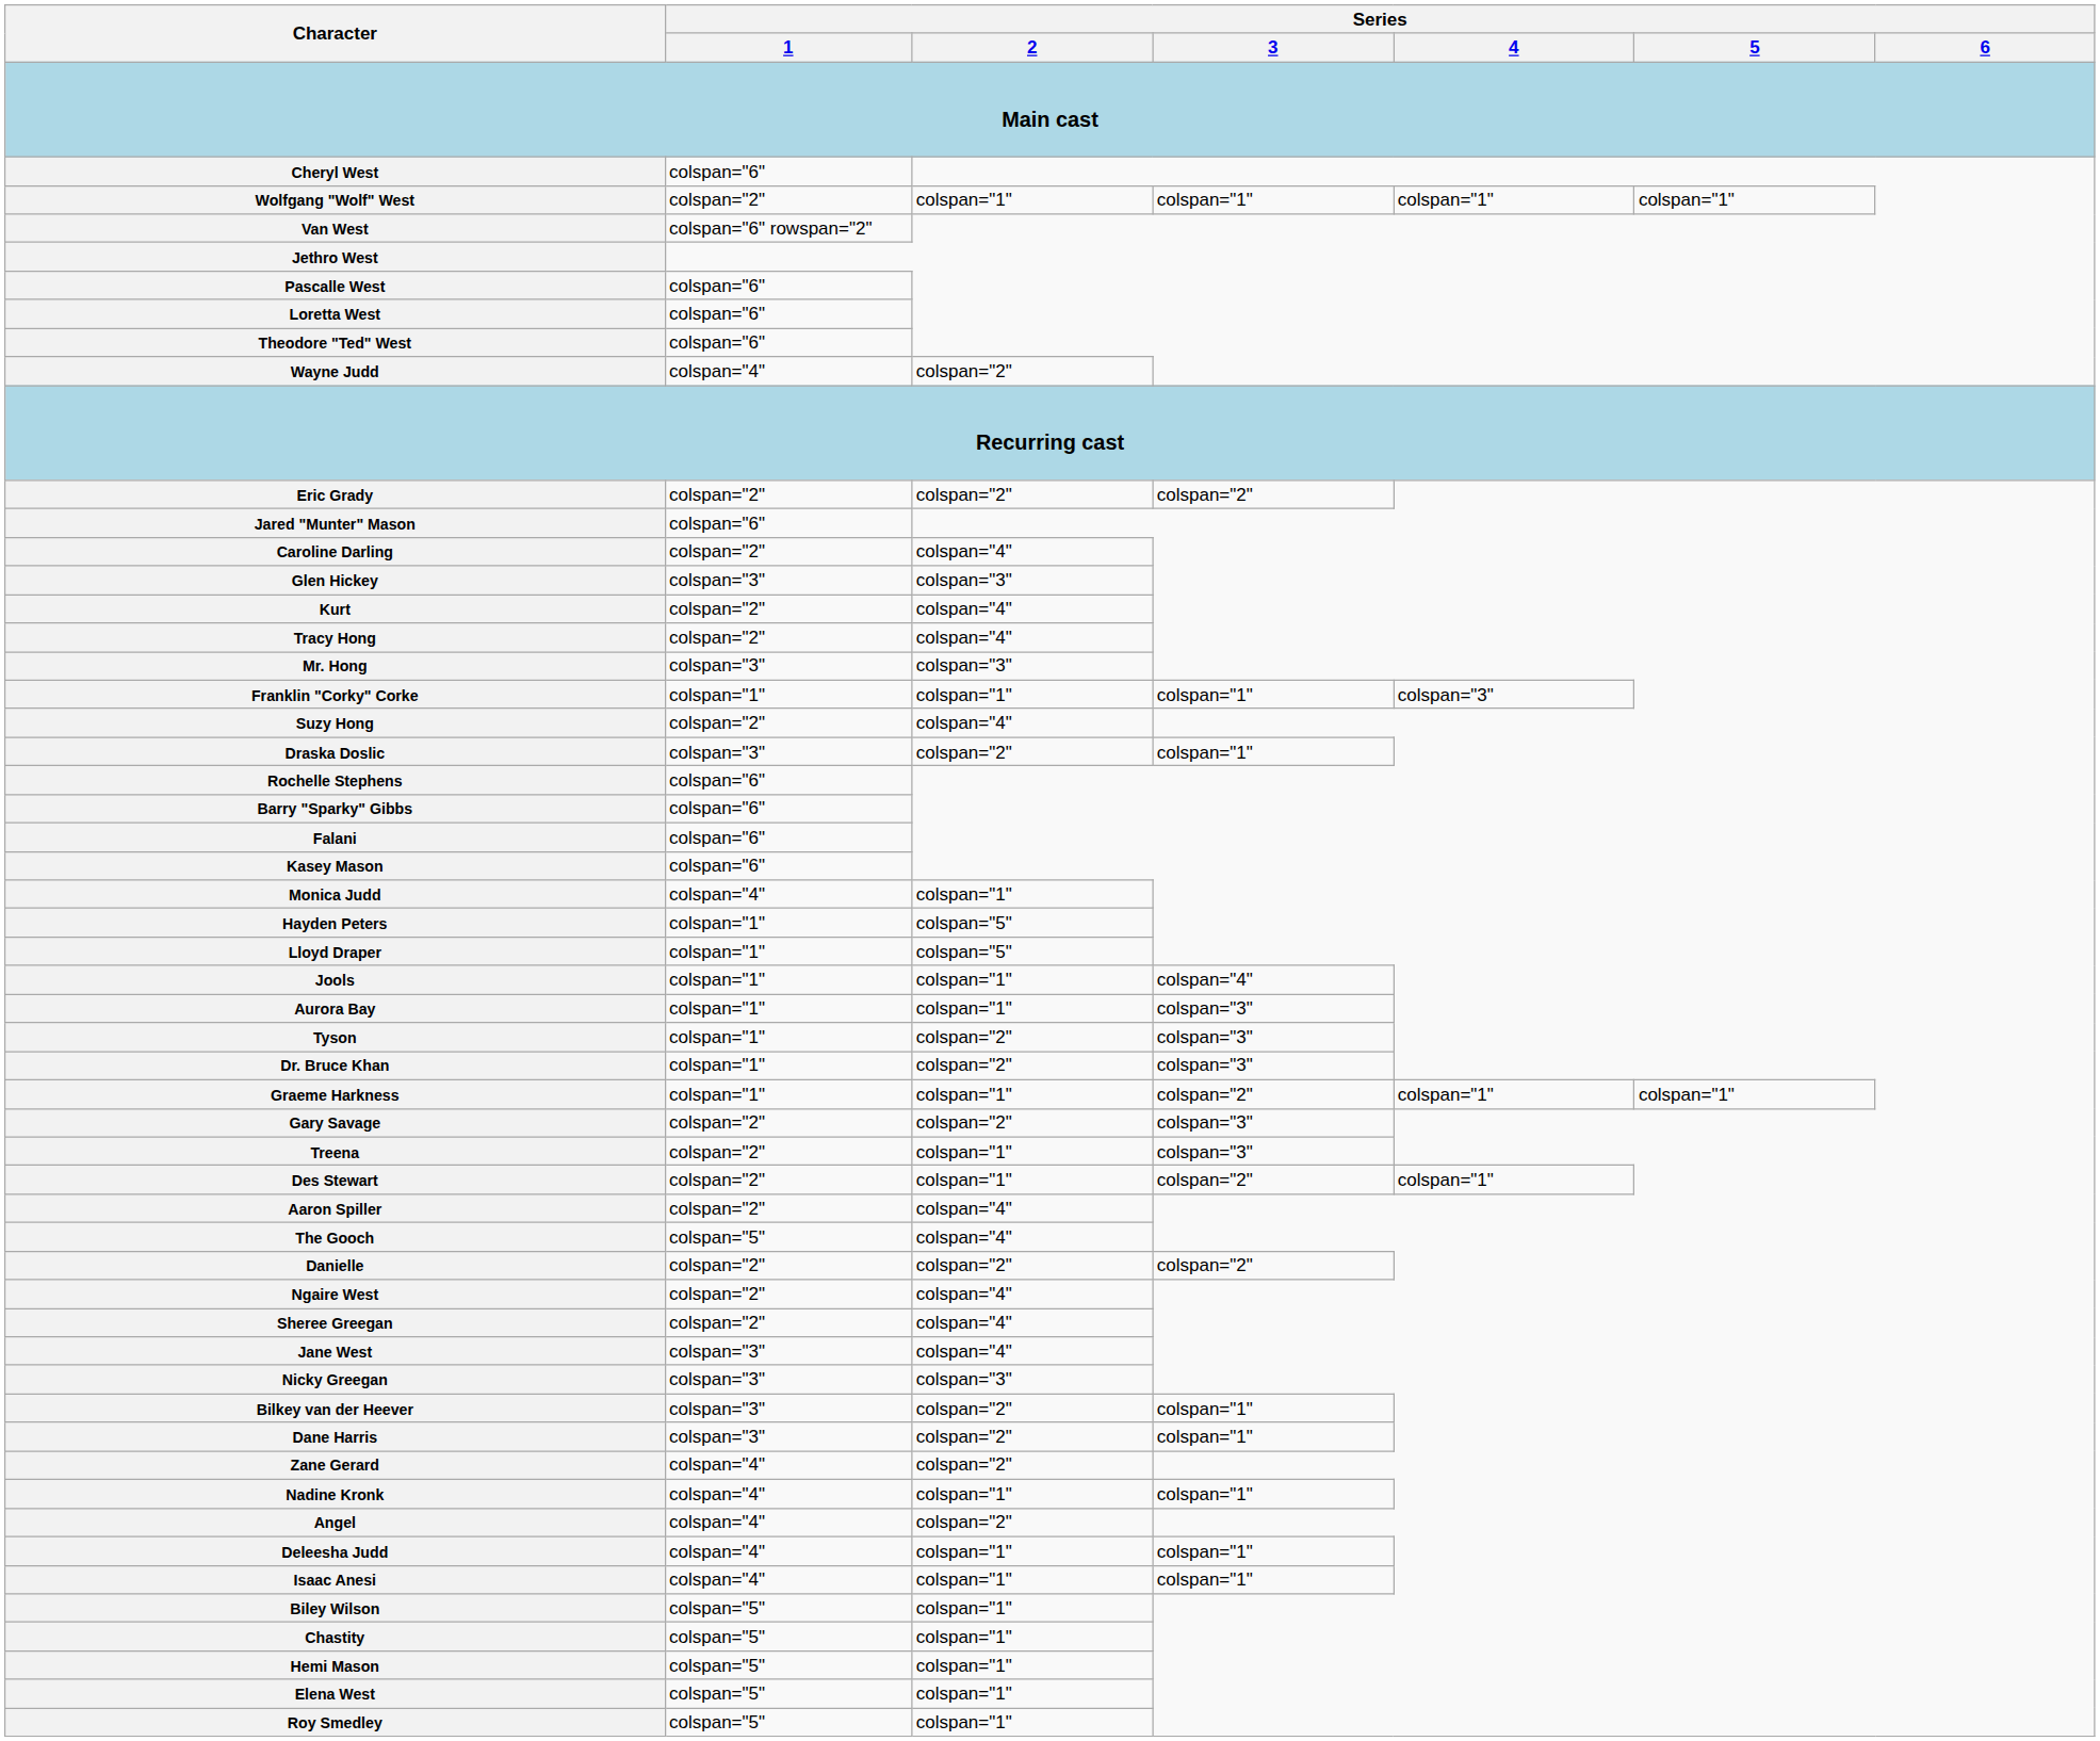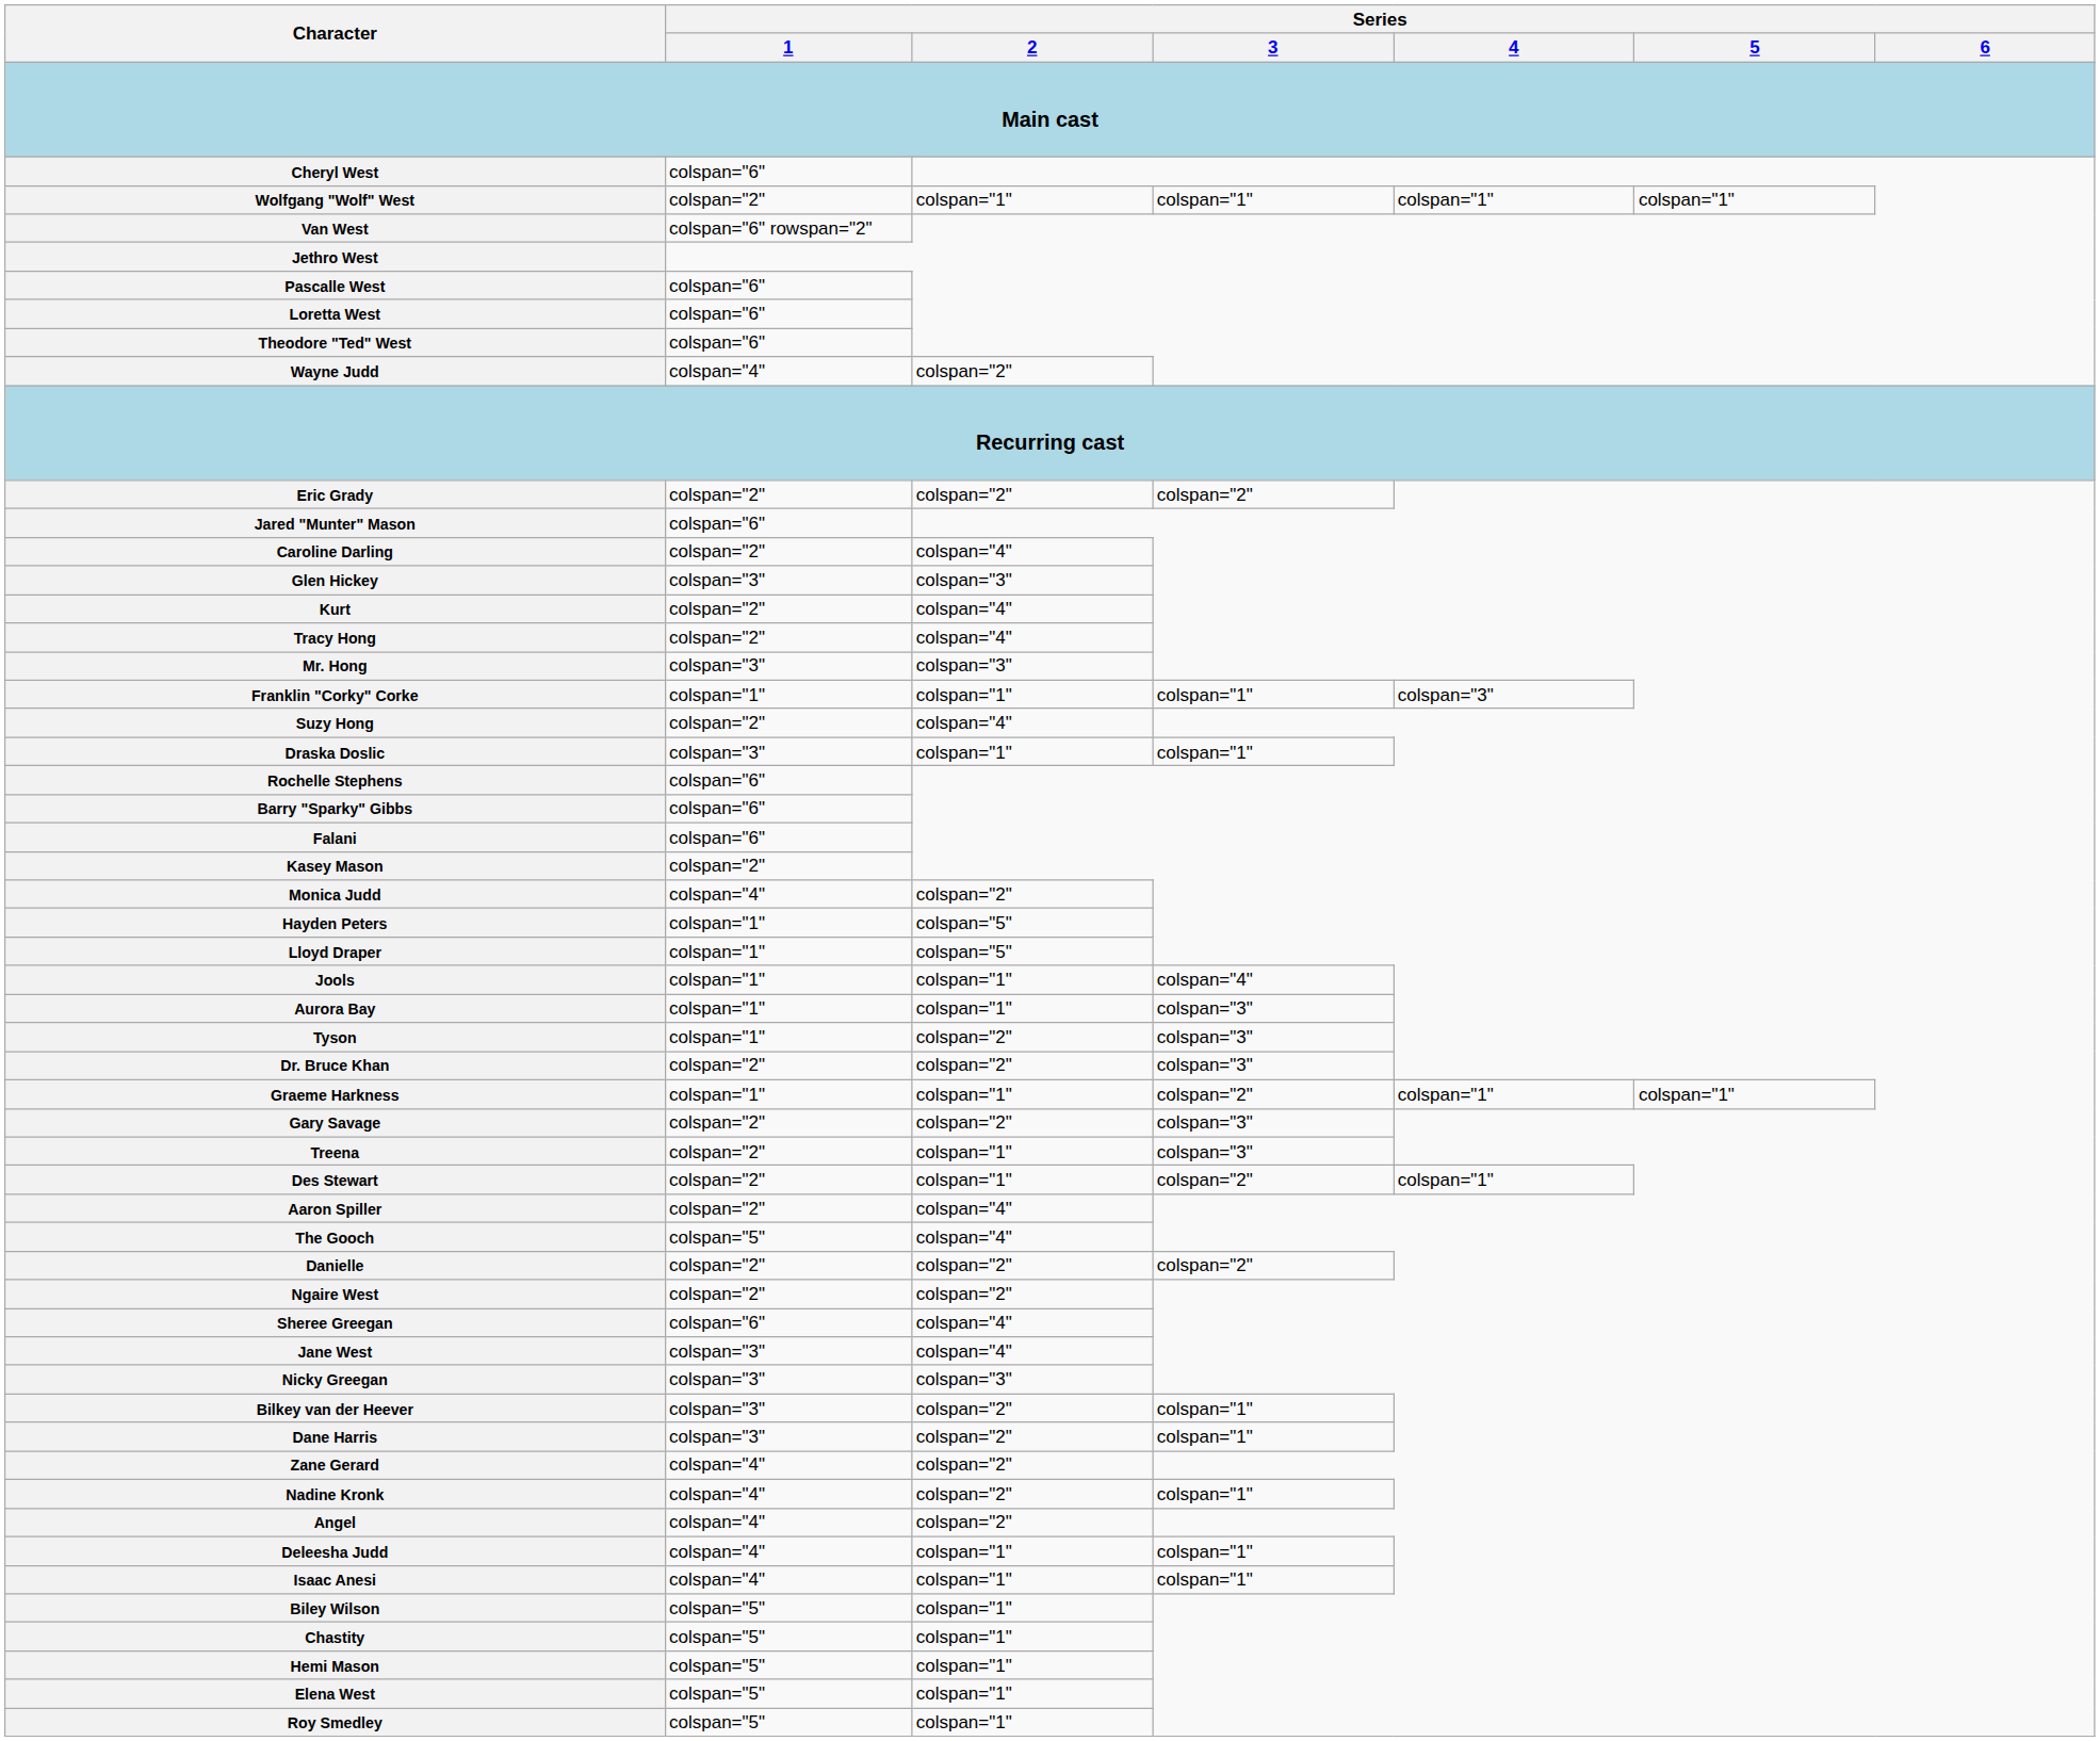 <table class="wikitable" style="font-size: 85%; wisth:100%;">
 <tr>
 <th scope="col" rowspan="2" style="width:12%;">Character</th>
 <th scope="col" colspan="6" style="width:68%;">Series</th>
 </tr>
 <tr>
 <th scope="col" style="width:4%;"><a href='#'>1</a></th>
 <th scope="col" style="width:4%;"><a href='#'>2</a></th>
 <th scope="col" style="width:4%;"><a href='#'>3</a></th>
 <th scope="col" style="width:4%;"><a href='#'>4</a></th>
 <th scope="col" style="width:4%;"><a href='#'>5</a></th>
 <th scope="col" style="width:4%;"><a href='#'>6</a></th>
 </tr>
 <tr>
 <th colspan="7" style="background:lightblue;"><br><h3>Main cast</h3> </th>
 </tr>
 <tr>
 <th nowrap><small>Cheryl West</small></th>
 <td>colspan="6" </td>
 </tr>
 <tr>
 <th nowrap><small>Wolfgang "Wolf" West</small></th>
 <td>colspan="2" </td>
 <td>colspan="1" </td>
 <td>colspan="1" </td>
 <td>colspan="1" </td>
 <td>colspan="1" </td>
 </tr>
 <tr>
 <th nowrap><small>Van West</small></th>
 <td>colspan="6" rowspan="2" </td>
 </tr>
 <tr>
 <th nowrap><small>Jethro West</small></th>
 </tr>
 <tr>
 <th nowrap><small>Pascalle West</small></th>
 <td>colspan="6" </td>
 </tr>
 <tr>
 <th nowrap><small>Loretta West</small></th>
 <td>colspan="6" </td>
 </tr>
 <tr>
 <th nowrap><small>Theodore "Ted" West</small></th>
 <td>colspan="6" </td>
 </tr>
 <tr>
 <th nowrap><small>Wayne Judd</small></th>
 <td>colspan="4" </td>
 <td>colspan="2" </td>
 </tr>
 <tr>
 <th colspan="7" style="background:lightblue;"><br><h3>Recurring cast</h3> </th>
 </tr>
 <tr>
 <th nowrap><small>Eric Grady</small></th>
 <td>colspan="2" </td>
 <td>colspan="2" </td>
 <td>colspan="2" </td>
 </tr>
 <tr>
 <th nowrap><small>Jared "Munter" Mason</small></th>
 <td>colspan="6" </td>
 </tr>
 <tr>
 <th nowrap><small>Caroline Darling</small></th>
 <td>colspan="2" </td>
 <td>colspan="4" </td>
 </tr>
 <tr>
 <th nowrap><small>Glen Hickey</small></th>
 <td>colspan="3" </td>
 <td>colspan="3" </td>
 </tr>
 <tr>
 <th nowrap><small>Kurt</small></th>
 <td>colspan="2" </td>
 <td>colspan="4" </td>
 </tr>
 <tr>
 <th nowrap><small>Tracy Hong</small></th>
 <td>colspan="2" </td>
 <td>colspan="4" </td>
 </tr>
 <tr>
 <th nowrap><small>Mr. Hong</small></th>
 <td>colspan="3" </td>
 <td>colspan="3" </td>
 </tr>
 <tr>
 <th nowrap><small>Franklin "Corky" Corke</small></th>
 <td>colspan="1" </td>
 <td>colspan="1" </td>
 <td>colspan="1" </td>
 <td>colspan="3" </td>
 </tr>
 <tr>
 <th nowrap><small>Suzy Hong</small></th>
 <td>colspan="2" </td>
 <td>colspan="4" </td>
 </tr>
 <tr>
 <th nowrap><small>Draska Doslic</small></th>
 <td>colspan="3" </td>
-<td>colspan="2" </td>
+<td>colspan="1" </td>
 <td>colspan="1" </td>
 </tr>
 <tr>
 <th nowrap><small>Rochelle Stephens</small></th>
 <td>colspan="6" </td>
 </tr>
 <tr>
 <th nowrap><small>Barry "Sparky" Gibbs</small></th>
 <td>colspan="6" </td>
 </tr>
 <tr>
 <th nowrap><small>Falani</small></th>
 <td>colspan="6" </td>
 </tr>
 <tr>
 <th nowrap><small>Kasey Mason</small></th>
-<td>colspan="6" </td>
+<td>colspan="2" </td>
 </tr>
 <tr>
 <th nowrap><small>Monica Judd</small></th>
 <td>colspan="4" </td>
-<td>colspan="1" </td>
+<td>colspan="2" </td>
 </tr>
 <tr>
 <th nowrap><small>Hayden Peters</small></th>
 <td>colspan="1" </td>
 <td>colspan="5" </td>
 </tr>
 <tr>
 <th nowrap><small>Lloyd Draper</small></th>
 <td>colspan="1" </td>
 <td>colspan="5" </td>
 </tr>
 <tr>
 <th nowrap><small>Jools</small></th>
 <td>colspan="1" </td>
 <td>colspan="1" </td>
 <td>colspan="4" </td>
 </tr>
 <tr>
 <th nowrap><small>Aurora Bay</small></th>
 <td>colspan="1" </td>
 <td>colspan="1" </td>
 <td>colspan="3" </td>
 </tr>
 <tr>
 <th nowrap><small>Tyson</small></th>
 <td>colspan="1" </td>
 <td>colspan="2" </td>
 <td>colspan="3" </td>
 </tr>
 <tr>
 <th nowrap><small>Dr. Bruce Khan</small></th>
-<td>colspan="1" </td>
+<td>colspan="2" </td>
 <td>colspan="2" </td>
 <td>colspan="3" </td>
 </tr>
 <tr>
 <th nowrap><small>Graeme Harkness</small></th>
 <td>colspan="1" </td>
 <td>colspan="1" </td>
 <td>colspan="2" </td>
 <td>colspan="1" </td>
 <td>colspan="1" </td>
 </tr>
 <tr>
 <th nowrap><small>Gary Savage</small></th>
 <td>colspan="2" </td>
 <td>colspan="2" </td>
 <td>colspan="3" </td>
 </tr>
 <tr>
 <th nowrap><small>Treena</small></th>
 <td>colspan="2" </td>
 <td>colspan="1" </td>
 <td>colspan="3" </td>
 </tr>
 <tr>
 <th nowrap><small>Des Stewart</small></th>
 <td>colspan="2" </td>
 <td>colspan="1" </td>
 <td>colspan="2" </td>
 <td>colspan="1" </td>
 </tr>
 <tr>
 <th nowrap><small>Aaron Spiller</small></th>
 <td>colspan="2" </td>
 <td>colspan="4" </td>
 </tr>
 <tr>
 <th nowrap><small>The Gooch</small></th>
 <td>colspan="5" </td>
 <td>colspan="4" </td>
 </tr>
 <tr>
 <th nowrap><small>Danielle</small></th>
 <td>colspan="2" </td>
 <td>colspan="2" </td>
 <td>colspan="2" </td>
 </tr>
 <tr>
 <th nowrap><small>Ngaire West</small></th>
 <td>colspan="2" </td>
-<td>colspan="4" </td>
+<td>colspan="2" </td>
 </tr>
 <tr>
 <th nowrap><small>Sheree Greegan</small></th>
-<td>colspan="2" </td>
+<td>colspan="6" </td>
 <td>colspan="4" </td>
 </tr>
 <tr>
 <th nowrap><small>Jane West</small></th>
 <td>colspan="3" </td>
 <td>colspan="4" </td>
 </tr>
 <tr>
 <th nowrap><small>Nicky Greegan</small></th>
 <td>colspan="3" </td>
 <td>colspan="3" </td>
 </tr>
 <tr>
 <th nowrap><small>Bilkey van der Heever</small></th>
 <td>colspan="3" </td>
 <td>colspan="2" </td>
 <td>colspan="1" </td>
 </tr>
 <tr>
 <th nowrap><small>Dane Harris</small></th>
 <td>colspan="3" </td>
 <td>colspan="2" </td>
 <td>colspan="1" </td>
 </tr>
 <tr>
 <th nowrap><small>Zane Gerard</small></th>
 <td>colspan="4" </td>
 <td>colspan="2" </td>
 </tr>
 <tr>
 <th nowrap><small>Nadine Kronk</small></th>
 <td>colspan="4" </td>
-<td>colspan="1" </td>
+<td>colspan="2" </td>
 <td>colspan="1" </td>
 </tr>
 <tr>
 <th nowrap><small>Angel</small></th>
 <td>colspan="4" </td>
 <td>colspan="2" </td>
 </tr>
 <tr>
 <th nowrap><small>Deleesha Judd</small></th>
 <td>colspan="4" </td>
 <td>colspan="1" </td>
 <td>colspan="1" </td>
 </tr>
 <tr>
 <th nowrap><small>Isaac Anesi</small></th>
 <td>colspan="4" </td>
 <td>colspan="1" </td>
 <td>colspan="1" </td>
 </tr>
 <tr>
 <th nowrap><small>Biley Wilson</small></th>
 <td>colspan="5" </td>
 <td>colspan="1" </td>
 </tr>
 <tr>
 <th nowrap><small>Chastity</small></th>
 <td>colspan="5" </td>
 <td>colspan="1" </td>
 </tr>
 <tr>
 <th nowrap><small>Hemi Mason</small></th>
 <td>colspan="5" </td>
 <td>colspan="1" </td>
 </tr>
 <tr>
 <th nowrap><small>Elena West</small></th>
 <td>colspan="5" </td>
 <td>colspan="1" </td>
 </tr>
 <tr>
 <th nowrap><small>Roy Smedley</small></th>
 <td>colspan="5" </td>
 <td>colspan="1" </td>
 </tr>
 </table>
